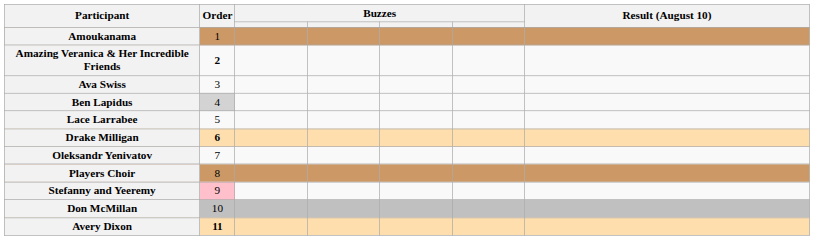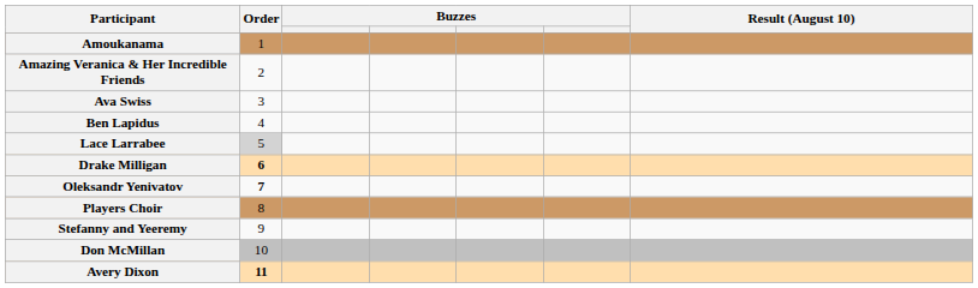 <table class="wikitable plainrowheaders sortable" style="text-align:center;">
 <tr>
 <th scope="col" rowspan="2" class="unsortable" style="width:17em;">Participant</th>
 <th scope="col" rowspan="2" style="width:1em;">Order</th>
 <th scope="col" colspan="4" class="unsortable" style="width:24em;">Buzzes</th>
 <th scope="col" rowspan="2" style="width:25em;">Result (August 10)</th>
 </tr>
 <tr>
 <th scope="col" class="unsortable" style="width:6em;"></th>
 <th scope="col" class="unsortable" style="width:6em;"></th>
 <th scope="col" class="unsortable" style="width:6em;"></th>
 <th scope="col" class="unsortable" style="width:6em;"></th>
 </tr>
 <tr bgcolor=#c96>
 <th scope="row">Amoukanama</th>
 <td>1</td>
 <td style="text-align:center;"></td>
 <td style="text-align:center;"></td>
 <td style="text-align:center;"></td>
 <td style="text-align:center;"></td>
 <td></td>
 </tr>
 <tr>
 <th scope="row">Amazing Veranica & Her Incredible Friends</th>
-<td><strong>2</strong></td>
+<td>2</td>
 <td style="text-align:center;"></td>
 <td style="text-align:center;"></td>
 <td style="text-align:center;"></td>
 <td style="text-align:center;"></td>
 <td></td>
 </tr>
 <tr>
 <th scope="row">Ava Swiss</th>
 <td>3</td>
 <td style="text-align:center;"></td>
 <td style="text-align:center;"></td>
 <td style="text-align:center;"></td>
 <td style="text-align:center;"></td>
 <td></td>
 </tr>
 <tr>
 <th scope="row">Ben Lapidus</th>
-<td style="background: lightgrey;">4</td>
+<td>4</td>
 <td style="text-align:center;"></td>
 <td style="text-align:center;"></td>
 <td style="text-align:center;"></td>
 <td style="text-align:center;"></td>
 <td></td>
 </tr>
 <tr>
 <th scope="row">Lace Larrabee</th>
-<td>5</td>
+<td style="background: lightgrey;">5</td>
 <td style="text-align:center;"></td>
 <td style="text-align:center;"></td>
 <td style="text-align:center;"></td>
 <td style="text-align:center;"></td>
 <td></td>
 </tr>
 <tr bgcolor=navajowhite>
 <th scope="row"><strong>Drake Milligan</strong></th>
 <td><strong>6</strong></td>
 <td style="text-align:center;"></td>
 <td style="text-align:center;"></td>
 <td style="text-align:center;"></td>
 <td style="text-align:center;"></td>
 <td><strong></strong></td>
 </tr>
 <tr>
 <th scope="row">Oleksandr Yenivatov</th>
-<td>7</td>
+<td><strong>7</strong></td>
 <td style="text-align:center;"></td>
 <td style="text-align:center;"></td>
 <td style="text-align:center;"></td>
 <td style="text-align:center;"></td>
 <td></td>
 </tr>
 <tr bgcolor=#c96>
 <th scope="row">Players Choir</th>
 <td>8</td>
 <td style="text-align:center;"></td>
 <td style="text-align:center;"></td>
 <td style="text-align:center;"></td>
 <td style="text-align:center;"></td>
 <td></td>
 </tr>
 <tr>
 <th scope="row">Stefanny and Yeeremy</th>
-<td style="background: pink;">9</td>
+<td>9</td>
 <td style="text-align:center;"></td>
 <td style="text-align:center;"></td>
 <td style="text-align:center;"></td>
 <td style="text-align:center;"></td>
 <td></td>
 </tr>
 <tr bgcolor=silver>
 <th scope="row">Don McMillan</th>
 <td>10</td>
 <td style="text-align:center;"></td>
 <td style="text-align:center;"></td>
 <td style="text-align:center;"></td>
 <td style="text-align:center;"></td>
 <td></td>
 </tr>
 <tr bgcolor=NavajoWhite>
 <th scope="row"><strong>Avery Dixon</strong></th>
 <td><strong>11</strong></td>
 <td style="text-align:center;"></td>
 <td style="text-align:center;"></td>
 <td style="text-align:center;"></td>
 <td style="text-align:center;"></td>
 <td><strong></strong></td>
 </tr>
 </table>
